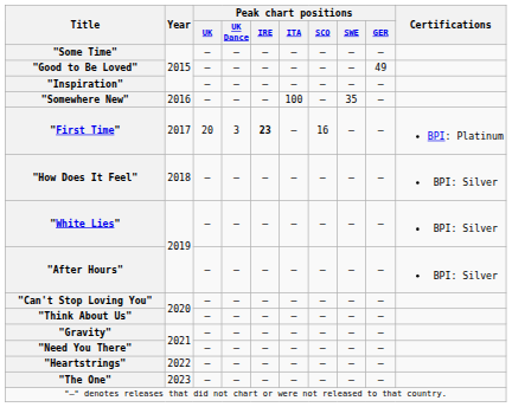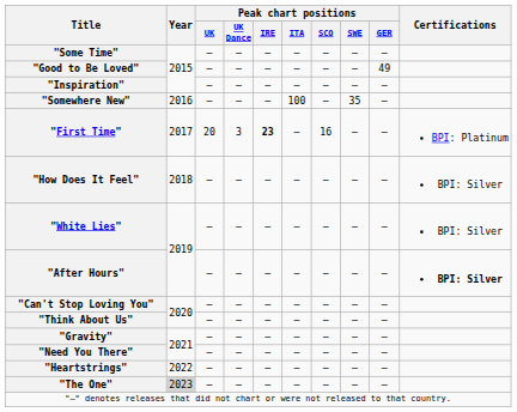 <table class="wikitable plainrowheaders" style="text-align:center;">
 <tr>
 <th scope="col" rowspan="2" style="width:16em;">Title</th>
 <th scope="col" rowspan="2" style="width:1em;">Year</th>
 <th scope="col" colspan="7">Peak chart positions</th>
 <th scope="col" rowspan="2">Certifications</th>
 </tr>
 <tr>
 <th scope="col" style="width:3em;font-size:85%;"><a href='#'>UK</a><br></th>
 <th scope="col" style="width:3em;font-size:85%;"><a href='#'>UK<br>Dance</a></th>
 <th scope="col" style="width:3em;font-size:85%;"><a href='#'>IRE</a><br></th>
 <th scope="col" style="width:3em;font-size:85%;"><a href='#'>ITA</a><br></th>
 <th scope="col" style="width:3em;font-size:85%;"><a href='#'>SCO</a><br></th>
 <th scope="col" style="width:3em;font-size:85%;"><a href='#'>SWE</a><br></th>
 <th scope="col" style="width:2.9em;font-size:90%;"><a href='#'>GER</a><br></th>
 </tr>
 <tr>
 <th scope="row">"Some Time"</th>
 <td rowspan="3">2015</td>
 <td>—</td>
 <td>—</td>
 <td>—</td>
 <td>—</td>
 <td>—</td>
 <td>—</td>
 <td>—</td>
 <td></td>
 </tr>
 <tr>
 <th scope="row">"Good to Be Loved"</th>
 <td>—</td>
 <td>—</td>
 <td>—</td>
 <td>—</td>
 <td>—</td>
 <td>—</td>
 <td>49<br></td>
 <td></td>
 </tr>
 <tr>
 <th scope="row">"Inspiration"</th>
 <td>—</td>
 <td>—</td>
 <td>—</td>
 <td>—</td>
 <td>—</td>
 <td>—</td>
 <td>—</td>
 <td></td>
 </tr>
 <tr>
 <th scope="row">"Somewhere New" <br></th>
 <td>2016</td>
 <td>—</td>
 <td>—</td>
 <td>—</td>
 <td>100<br></td>
 <td>—</td>
 <td>35<br></td>
 <td>—</td>
 <td></td>
 </tr>
 <tr>
 <th scope="row">"<a href='#'>First Time</a>"<br></th>
 <td>2017</td>
 <td>20</td>
 <td>3</td>
 <td><strong>23</strong></td>
 <td>—</td>
 <td>16</td>
 <td>—</td>
 <td>—</td>
 <td><br><ul><li><a href='#'>BPI</a>: Platinum</li></ul></td>
 </tr>
 <tr>
 <th scope="row">"How Does It Feel"</th>
 <td>2018</td>
 <td>—</td>
 <td>—</td>
 <td>—</td>
 <td>—</td>
 <td>—</td>
 <td>—</td>
 <td>—</td>
 <td><br><ul><li>BPI: Silver</li></ul></td>
 </tr>
 <tr>
 <th scope="row">"<a href='#'>White Lies</a>"</th>
 <td rowspan="2">2019</td>
 <td>—</td>
 <td>—</td>
 <td>—</td>
 <td>—</td>
 <td>—</td>
 <td>—</td>
 <td>—</td>
 <td><br><ul><li>BPI: Silver</li></ul></td>
 </tr>
 <tr>
 <th scope="row">"After Hours" <br></th>
 <td>—</td>
 <td>—</td>
 <td>—</td>
 <td>—</td>
 <td>—</td>
 <td>—</td>
 <td>—</td>
-<td><br><ul><li>BPI: Silver</li></ul></td>
+<td><strong><br><ul><li>BPI: Silver</li></ul></strong></td>
 </tr>
 <tr>
 <th scope="row">"Can't Stop Loving You"</th>
 <td rowspan="2">2020</td>
 <td>—</td>
 <td>—</td>
 <td>—</td>
 <td>—</td>
 <td>—</td>
 <td>—</td>
 <td>—</td>
 <td></td>
 </tr>
 <tr>
 <th scope="row">"Think About Us" <br></th>
 <td>—</td>
 <td>—</td>
 <td>—</td>
 <td>—</td>
 <td>—</td>
 <td>—</td>
 <td>—</td>
 <td></td>
 </tr>
 <tr>
 <th scope="row">"Gravity" <br></th>
 <td rowspan="2">2021</td>
 <td>—</td>
 <td>—</td>
 <td>—</td>
 <td>—</td>
 <td>—</td>
 <td>—</td>
 <td>—</td>
 <td></td>
 </tr>
 <tr>
 <th scope="row">"Need You There"</th>
 <td>—</td>
 <td>—</td>
 <td>—</td>
 <td>—</td>
 <td>—</td>
 <td>—</td>
 <td>—</td>
 <td></td>
 </tr>
 <tr>
 <th scope="row">"Heartstrings"<br></th>
 <td>2022</td>
 <td>—</td>
 <td>—</td>
 <td>—</td>
 <td>—</td>
 <td>—</td>
 <td>—</td>
 <td>—</td>
 <td></td>
 </tr>
 <tr>
 <th scope="row">"The One"<br></th>
-<td>2023</td>
+<td style="background: lightgrey;">2023</td>
 <td>—</td>
 <td>—</td>
 <td>—</td>
 <td>—</td>
 <td>—</td>
 <td>—</td>
 <td>—</td>
 <td></td>
 </tr>
 <tr>
 <td colspan="20" style="font-size:85%">"—" denotes releases that did not chart or were not released to that country.</td>
 </tr>
 </table>
